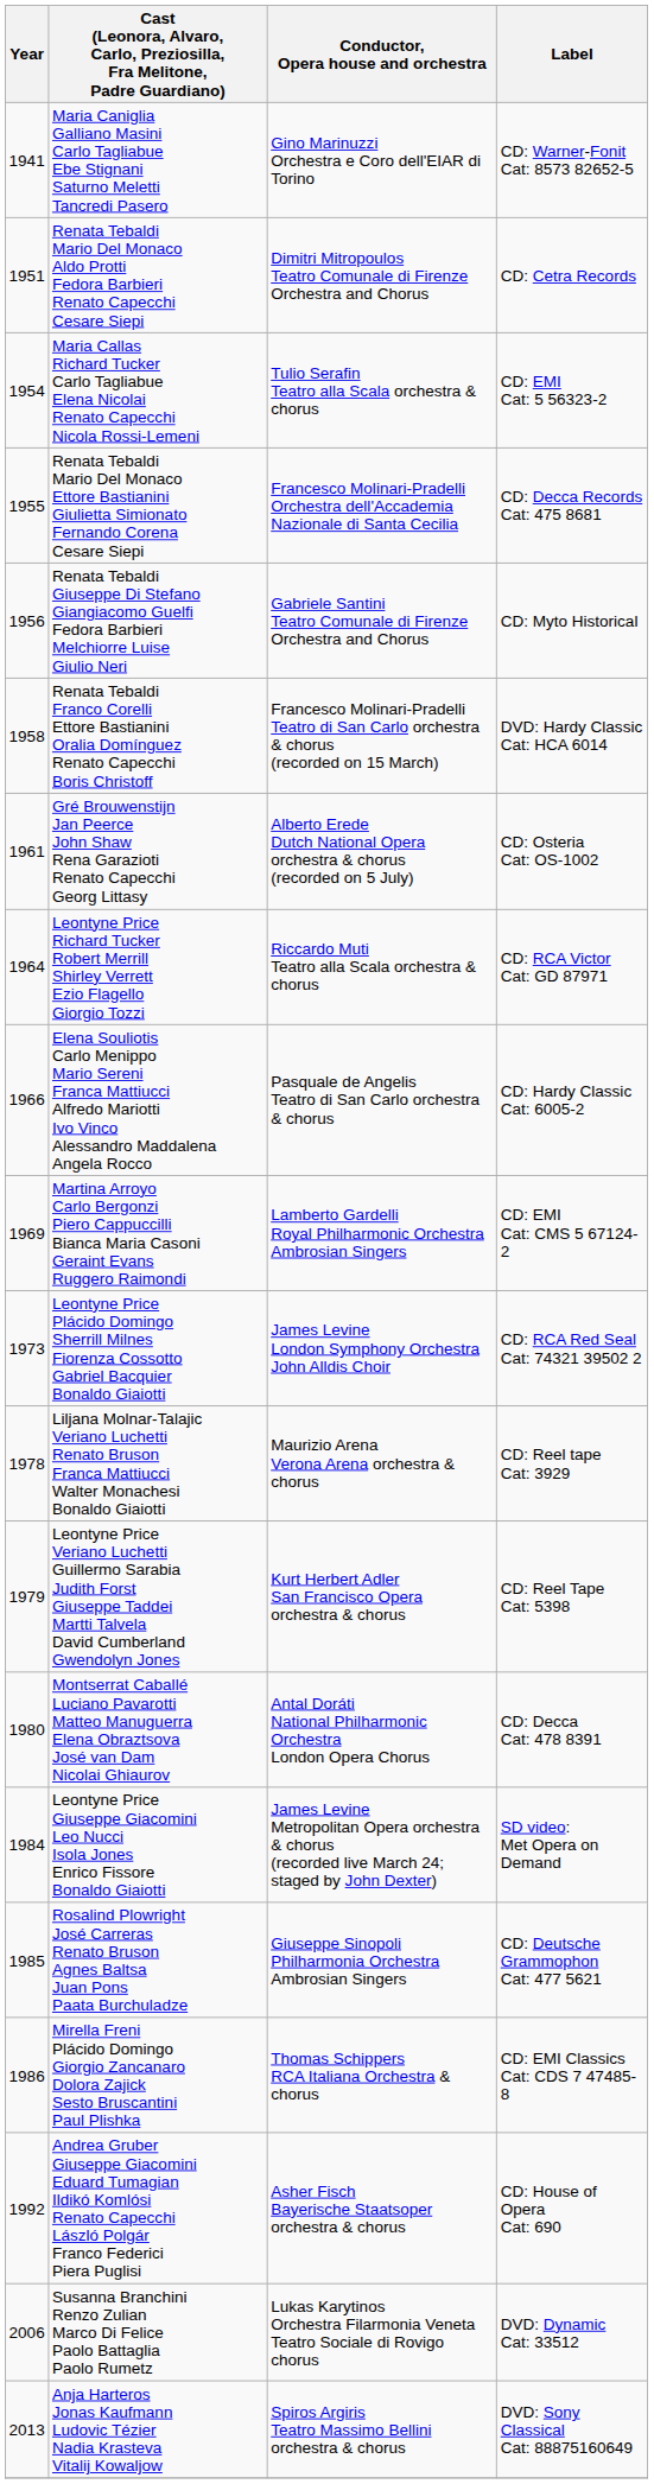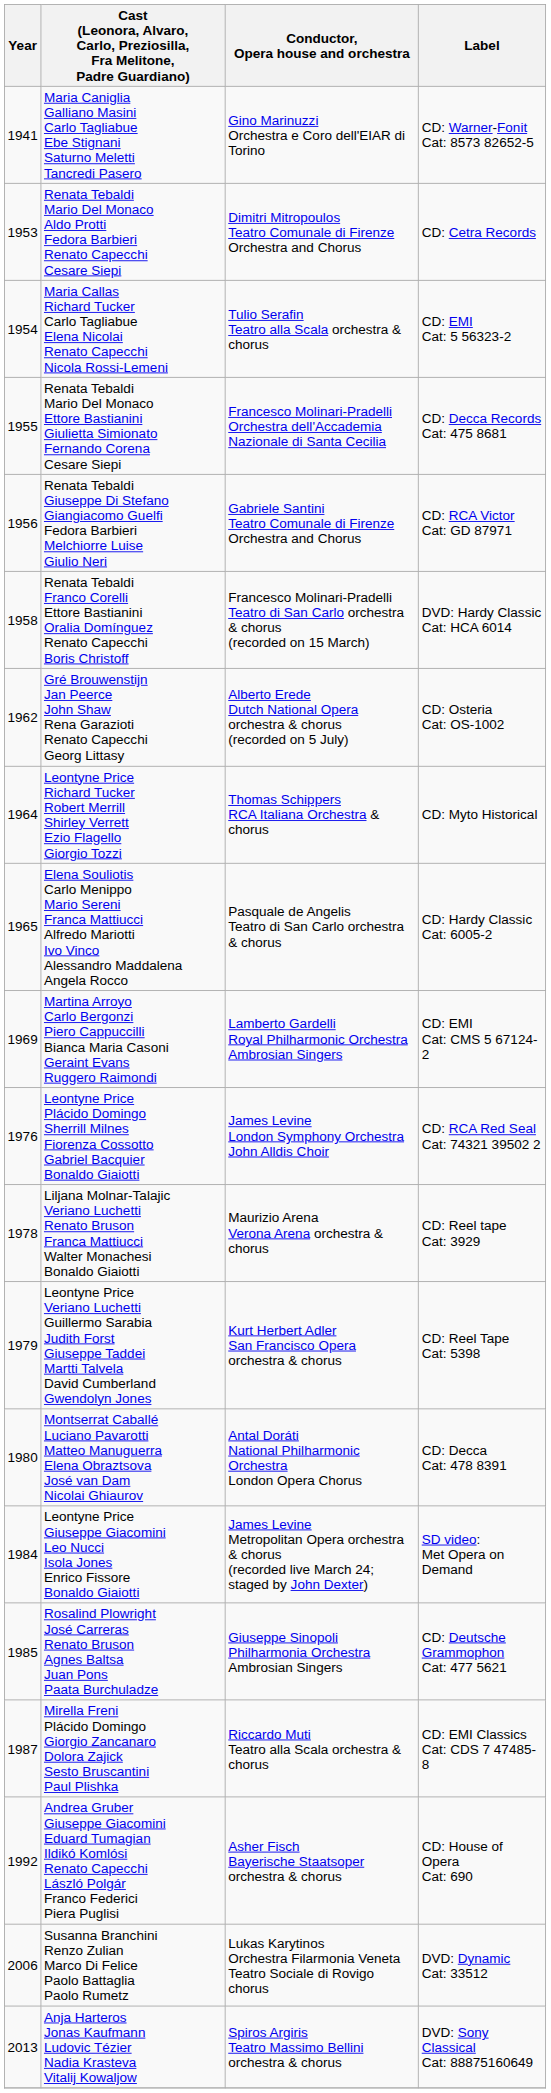 <table class="wikitable" style="font-size:95%;">
 <tr>
 <th>Year</th>
 <th width="200">Cast<br>(Leonora, Alvaro,<br>Carlo, Preziosilla,<br>Fra Melitone,<br>Padre Guardiano)</th>
 <th>Conductor,<br>Opera house and orchestra</th>
 <th>Label</th>
 </tr>
 <tr>
 <td>1941</td>
 <td><a href='#'>Maria Caniglia</a><br><a href='#'>Galliano Masini</a><br><a href='#'>Carlo Tagliabue</a><br><a href='#'>Ebe Stignani</a><br><a href='#'>Saturno Meletti</a><br><a href='#'>Tancredi Pasero</a></td>
 <td><a href='#'>Gino Marinuzzi</a><br>Orchestra e Coro dell'EIAR di Torino</td>
 <td>CD: <a href='#'>Warner</a>-<a href='#'>Fonit</a><br>Cat: 8573 82652-5</td>
 </tr>
 <tr>
-<td>1951</td>
+<td>1953</td>
 <td><a href='#'>Renata Tebaldi</a><br><a href='#'>Mario Del Monaco</a><br><a href='#'>Aldo Protti</a><br><a href='#'>Fedora Barbieri</a><br><a href='#'>Renato Capecchi</a><br><a href='#'>Cesare Siepi</a></td>
 <td><a href='#'>Dimitri Mitropoulos</a><br><a href='#'>Teatro Comunale di Firenze</a> Orchestra and Chorus</td>
 <td>CD: <a href='#'>Cetra Records</a></td>
 </tr>
 <tr>
 <td>1954</td>
 <td><a href='#'>Maria Callas</a><br><a href='#'>Richard Tucker</a><br>Carlo Tagliabue<br><a href='#'>Elena Nicolai</a><br><a href='#'>Renato Capecchi</a><br><a href='#'>Nicola Rossi-Lemeni</a></td>
 <td><a href='#'>Tulio Serafin</a><br><a href='#'>Teatro alla Scala</a> orchestra & chorus</td>
 <td>CD: <a href='#'>EMI</a><br>Cat: 5 56323-2</td>
 </tr>
 <tr>
 <td>1955</td>
 <td>Renata Tebaldi<br>Mario Del Monaco<br><a href='#'>Ettore Bastianini</a><br><a href='#'>Giulietta Simionato</a><br><a href='#'>Fernando Corena</a><br>Cesare Siepi</td>
 <td><a href='#'>Francesco Molinari-Pradelli</a><br><a href='#'>Orchestra dell'Accademia Nazionale di Santa Cecilia</a></td>
 <td>CD: <a href='#'>Decca Records</a><br>Cat: 475 8681</td>
 </tr>
 <tr>
 <td>1956</td>
 <td>Renata Tebaldi<br><a href='#'>Giuseppe Di Stefano</a><br><a href='#'>Giangiacomo Guelfi</a><br>Fedora Barbieri<br><a href='#'>Melchiorre Luise</a><br><a href='#'>Giulio Neri</a></td>
 <td><a href='#'>Gabriele Santini</a><br><a href='#'>Teatro Comunale di Firenze</a> Orchestra and Chorus</td>
-<td>CD: Myto Historical</td>
+<td>CD: <a href='#'>RCA Victor</a><br>Cat: GD 87971</td>
 </tr>
 <tr>
 <td>1958</td>
 <td>Renata Tebaldi<br><a href='#'>Franco Corelli</a><br>Ettore Bastianini<br><a href='#'>Oralia Domínguez</a><br>Renato Capecchi<br><a href='#'>Boris Christoff</a></td>
 <td>Francesco Molinari-Pradelli<br><a href='#'>Teatro di San Carlo</a> orchestra & chorus<br>(recorded on 15 March)</td>
 <td>DVD: Hardy Classic<br>Cat: HCA 6014</td>
 </tr>
 <tr>
-<td>1961</td>
+<td>1962</td>
 <td><a href='#'>Gré Brouwenstijn</a><br><a href='#'>Jan Peerce</a><br><a href='#'>John Shaw</a><br>Rena Garazioti<br>Renato Capecchi<br>Georg Littasy</td>
 <td><a href='#'>Alberto Erede</a><br><a href='#'>Dutch National Opera</a> orchestra & chorus<br>(recorded on 5 July)</td>
 <td>CD: Osteria <br>Cat: OS-1002</td>
 </tr>
 <tr>
 <td>1964</td>
 <td><a href='#'>Leontyne Price</a><br><a href='#'>Richard Tucker</a><br><a href='#'>Robert Merrill</a><br><a href='#'>Shirley Verrett</a><br><a href='#'>Ezio Flagello</a><br><a href='#'>Giorgio Tozzi</a></td>
-<td><a href='#'>Riccardo Muti</a><br>Teatro alla Scala orchestra & chorus</td>
-<td>CD: <a href='#'>RCA Victor</a><br>Cat: GD 87971</td>
+<td><a href='#'>Thomas Schippers</a><br><a href='#'>RCA Italiana Orchestra</a> & chorus</td>
+<td>CD: Myto Historical</td>
 </tr>
 <tr>
-<td>1966</td>
+<td>1965</td>
 <td><a href='#'>Elena Souliotis</a><br>Carlo Menippo<br><a href='#'>Mario Sereni</a><br><a href='#'>Franca Mattiucci</a><br>Alfredo Mariotti<br><a href='#'>Ivo Vinco</a><br>Alessandro Maddalena<br>Angela Rocco</td>
 <td>Pasquale de Angelis<br>Teatro di San Carlo orchestra & chorus</td>
 <td>CD: Hardy Classic<br>Cat: 6005-2</td>
 </tr>
 <tr>
 <td>1969</td>
 <td><a href='#'>Martina Arroyo</a><br><a href='#'>Carlo Bergonzi</a><br><a href='#'>Piero Cappuccilli</a><br>Bianca Maria Casoni<br><a href='#'>Geraint Evans</a><br><a href='#'>Ruggero Raimondi</a></td>
 <td><a href='#'>Lamberto Gardelli</a><br><a href='#'>Royal Philharmonic Orchestra</a><br><a href='#'>Ambrosian Singers</a></td>
 <td>CD: EMI<br>Cat: CMS 5 67124-2</td>
 </tr>
 <tr>
-<td>1973</td>
+<td>1976</td>
 <td><a href='#'>Leontyne Price</a><br><a href='#'>Plácido Domingo</a><br><a href='#'>Sherrill Milnes</a><br><a href='#'>Fiorenza Cossotto</a><br><a href='#'>Gabriel Bacquier</a><br><a href='#'>Bonaldo Giaiotti</a></td>
 <td><a href='#'>James Levine</a><br><a href='#'>London Symphony Orchestra</a><br><a href='#'>John Alldis Choir</a></td>
 <td>CD: <a href='#'>RCA Red Seal</a><br>Cat: 74321 39502 2</td>
 </tr>
 <tr>
 <td>1978</td>
 <td>Liljana Molnar-Talajic<br><a href='#'>Veriano Luchetti</a><br><a href='#'>Renato Bruson</a><br><a href='#'>Franca Mattiucci</a><br>Walter Monachesi<br>Bonaldo Giaiotti</td>
 <td>Maurizio Arena<br><a href='#'>Verona Arena</a> orchestra & chorus</td>
 <td>CD: Reel tape<br>Cat: 3929</td>
 </tr>
 <tr>
 <td>1979</td>
 <td>Leontyne Price<br><a href='#'>Veriano Luchetti</a><br>Guillermo Sarabia<br><a href='#'>Judith Forst</a><br><a href='#'>Giuseppe Taddei</a><br><a href='#'>Martti Talvela</a><br>David Cumberland<br><a href='#'>Gwendolyn Jones</a></td>
 <td><a href='#'>Kurt Herbert Adler</a><br><a href='#'>San Francisco Opera</a> orchestra & chorus</td>
 <td>CD: Reel Tape<br>Cat: 5398</td>
 </tr>
 <tr>
 <td>1980</td>
 <td><a href='#'>Montserrat Caballé</a><br><a href='#'>Luciano Pavarotti</a><br><a href='#'>Matteo Manuguerra</a><br><a href='#'>Elena Obraztsova</a><br><a href='#'>José van Dam</a><br><a href='#'>Nicolai Ghiaurov</a></td>
 <td><a href='#'>Antal Doráti</a><br><a href='#'>National Philharmonic Orchestra</a><br>London Opera Chorus</td>
 <td>CD: Decca<br>Cat: 478 8391</td>
 </tr>
 <tr>
 <td>1984</td>
 <td>Leontyne Price<br><a href='#'>Giuseppe Giacomini</a><br><a href='#'>Leo Nucci</a><br><a href='#'>Isola Jones</a><br>Enrico Fissore<br><a href='#'>Bonaldo Giaiotti</a></td>
 <td><a href='#'>James Levine</a><br>Metropolitan Opera orchestra & chorus<br>(recorded live March 24; staged by <a href='#'>John Dexter</a>)</td>
 <td><a href='#'>SD video</a>:<br>Met Opera on Demand</td>
 </tr>
 <tr>
 <td>1985</td>
 <td><a href='#'>Rosalind Plowright</a><br><a href='#'>José Carreras</a><br><a href='#'>Renato Bruson</a><br><a href='#'>Agnes Baltsa</a><br><a href='#'>Juan Pons</a><br><a href='#'>Paata Burchuladze</a></td>
 <td><a href='#'>Giuseppe Sinopoli</a><br><a href='#'>Philharmonia Orchestra</a><br>Ambrosian Singers</td>
 <td>CD: <a href='#'>Deutsche Grammophon</a><br>Cat: 477 5621</td>
 </tr>
 <tr>
-<td>1986</td>
+<td>1987</td>
 <td><a href='#'>Mirella Freni</a><br>Plácido Domingo<br><a href='#'>Giorgio Zancanaro</a><br><a href='#'>Dolora Zajick</a><br><a href='#'>Sesto Bruscantini</a><br><a href='#'>Paul Plishka</a></td>
-<td><a href='#'>Thomas Schippers</a><br><a href='#'>RCA Italiana Orchestra</a> & chorus</td>
+<td><a href='#'>Riccardo Muti</a><br>Teatro alla Scala orchestra & chorus</td>
 <td>CD: EMI Classics<br>Cat: CDS 7 47485-8</td>
 </tr>
 <tr>
 <td>1992</td>
 <td><a href='#'>Andrea Gruber</a><br><a href='#'>Giuseppe Giacomini</a><br><a href='#'>Eduard Tumagian</a><br><a href='#'>Ildikó Komlósi</a><br><a href='#'>Renato Capecchi</a><br><a href='#'>László Polgár</a><br>Franco Federici<br>Piera Puglisi</td>
 <td><a href='#'>Asher Fisch</a><br><a href='#'>Bayerische Staatsoper</a> orchestra & chorus</td>
 <td>CD: House of Opera<br>Cat: 690</td>
 </tr>
 <tr>
 <td>2006</td>
 <td>Susanna Branchini<br>Renzo Zulian<br>Marco Di Felice<br>Paolo Battaglia<br>Paolo Rumetz</td>
 <td>Lukas Karytinos<br>Orchestra Filarmonia Veneta<br>Teatro Sociale di Rovigo chorus</td>
 <td>DVD: <a href='#'>Dynamic</a><br>Cat: 33512</td>
 </tr>
 <tr>
 <td>2013</td>
 <td><a href='#'>Anja Harteros</a><br><a href='#'>Jonas Kaufmann</a><br><a href='#'>Ludovic Tézier</a><br><a href='#'>Nadia Krasteva</a><br><a href='#'>Vitalij Kowaljow</a></td>
 <td><a href='#'>Spiros Argiris</a><br><a href='#'>Teatro Massimo Bellini</a> orchestra & chorus</td>
 <td>DVD: <a href='#'>Sony Classical</a><br>Cat: 88875160649</td>
 </tr>
 <tr>
 </tr>
 </table>
